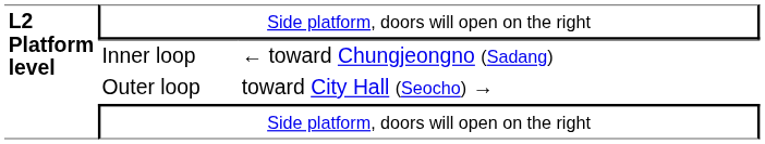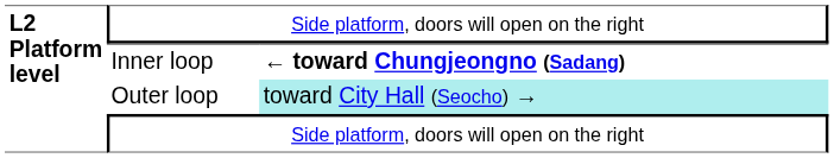 <table table border=0 cellspacing=0 cellpadding=3>
 <tr>
 <td style="border-top:solid 1px gray;border-bottom:solid 1px gray;" width=50 rowspan=10 valign=top><strong>L2<br>Platform level</strong></td>
 <td style="border-top:solid 1px gray;border-right:solid 2px black;border-left:solid 2px black;border-bottom:solid 2px black;text-align:center;" colspan=2><small><a href='#'>Side platform</a>, doors will open on the right </small></td>
 </tr>
 <tr>
 <td style="border-bottom:solid 0px gray;border-top:solid 1px gray;" width=100>Inner loop</td>
-<td style="border-bottom:solid 0px gray;border-top:solid 1px gray;" width=390>←  toward <a href='#'>Chungjeongno</a> <small>(<a href='#'>Sadang</a>)</small></td>
+<td style="border-bottom:solid 0px gray;border-top:solid 1px gray;" width=390><strong>←  toward <a href='#'>Chungjeongno</a> <small>(<a href='#'>Sadang</a>)</small></strong></td>
 </tr>
 <tr>
 <td>Outer loop</td>
-<td>  toward <a href='#'>City Hall</a> <small>(<a href='#'>Seocho</a>)</small> →</td>
+<td style="background: paleturquoise;">  toward <a href='#'>City Hall</a> <small>(<a href='#'>Seocho</a>)</small> →</td>
 </tr>
 <tr>
 <td style="border-top:solid 2px black;border-right:solid 2px black;border-left:solid 2px black;border-bottom:solid 1px gray;text-align:center;" colspan=2><small><a href='#'>Side platform</a>, doors will open on the right </small></td>
 </tr>
 </table>
